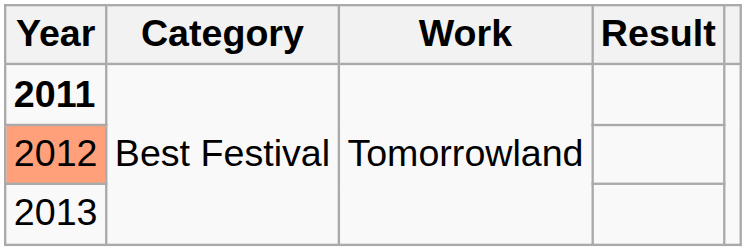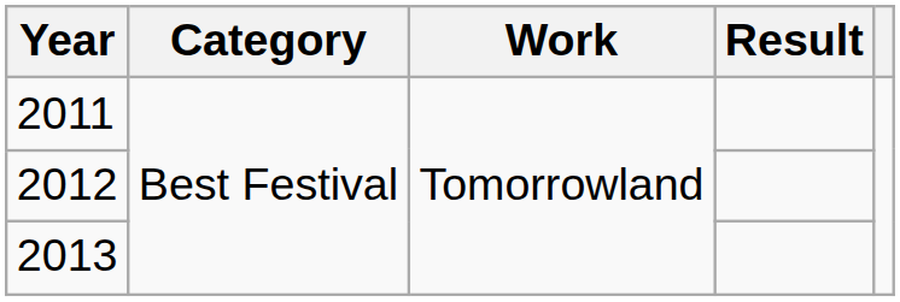 <table class="wikitable">
 <tr>
 <th>Year</th>
 <th>Category</th>
 <th>Work</th>
 <th>Result</th>
 <th></th>
 </tr>
 <tr>
-<td><strong>2011</strong></td>
+<td>2011</td>
 <td rowspan="3">Best Festival</td>
 <td rowspan="3">Tomorrowland</td>
 <td></td>
 <td rowspan="3"></td>
 </tr>
 <tr>
-<td style="background: lightsalmon;">2012</td>
+<td>2012</td>
 <td></td>
 </tr>
 <tr>
 <td>2013</td>
 <td></td>
 </tr>
 </table>
